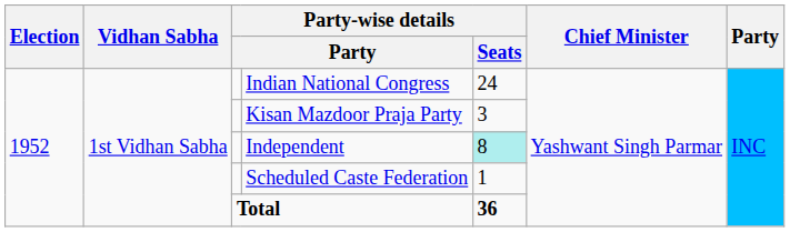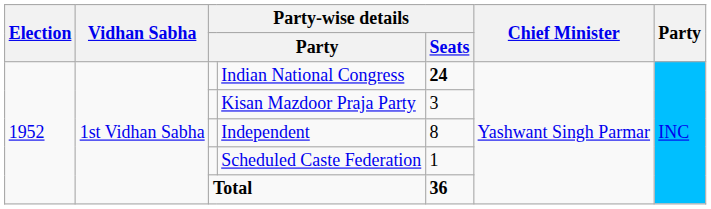 <table class="wikitable sortable">
 <tr>
 <th rowspan="2"><a href='#'>Election</a></th>
 <th rowspan="2"><a href='#'>Vidhan Sabha</a></th>
 <th colspan="3">Party-wise details</th>
 <th rowspan="2"><a href='#'>Chief Minister</a></th>
 <th rowspan="2">Party</th>
 </tr>
 <tr>
 <th colspan="2">Party</th>
 <th><a href='#'>Seats</a></th>
 </tr>
 <tr>
 <td rowspan="5"><a href='#'>1952</a></td>
 <td rowspan="5"><a href='#'>1st Vidhan Sabha</a></td>
 <td style="background-color: "></td>
 <td><a href='#'>Indian National Congress</a></td>
-<td>24</td>
+<td><strong>24</strong></td>
 <td rowspan="5"><a href='#'>Yashwant Singh Parmar</a></td>
 <td rowspan="5" bgcolor=#00BFFF><a href='#'>INC</a></td>
 </tr>
 <tr>
 <td style="background-color: "></td>
 <td><a href='#'>Kisan Mazdoor Praja Party</a></td>
 <td>3</td>
 </tr>
 <tr>
 <td style="background-color: "></td>
 <td><a href='#'>Independent</a></td>
-<td style="background: paleturquoise;">8</td>
+<td>8</td>
 </tr>
 <tr>
 <td style="background-color: "></td>
 <td><a href='#'>Scheduled Caste Federation</a></td>
 <td>1</td>
 </tr>
 <tr>
 <td colspan="2"><strong>Total</strong></td>
 <td><strong>36</strong></td>
 </tr>
 </table>
